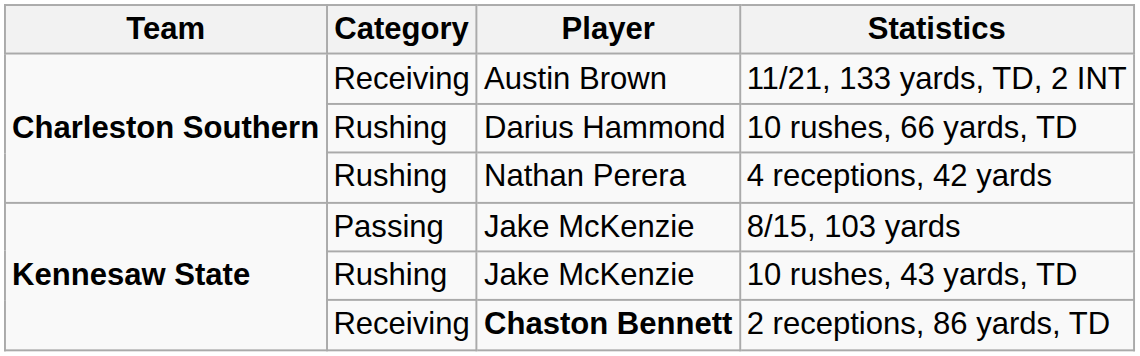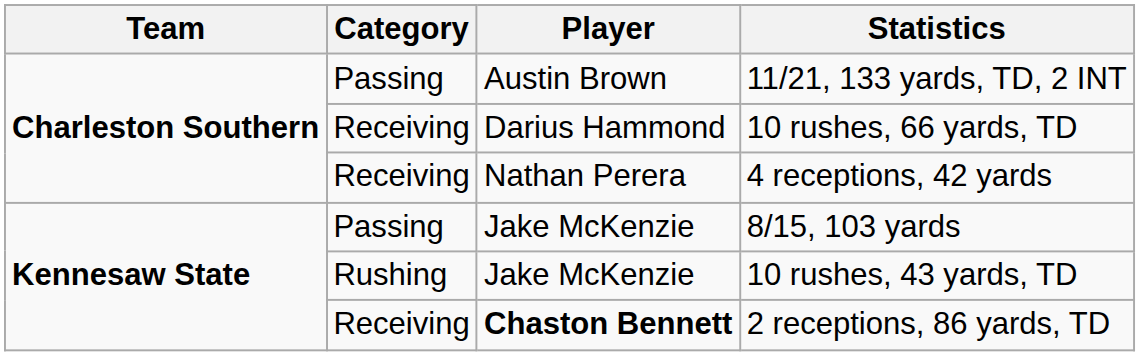 <table class="wikitable" style="float: left;">
 <tr>
 <th>Team</th>
 <th>Category</th>
 <th>Player</th>
 <th>Statistics</th>
 </tr>
 <tr>
 <td rowspan=3><strong>Charleston Southern</strong></td>
-<td>Receiving</td>
+<td>Passing</td>
 <td>Austin Brown</td>
 <td>11/21, 133 yards, TD, 2 INT</td>
 </tr>
 <tr>
-<td>Rushing</td>
+<td>Receiving</td>
 <td>Darius Hammond</td>
 <td>10 rushes, 66 yards, TD</td>
 </tr>
 <tr>
-<td>Rushing</td>
+<td>Receiving</td>
 <td>Nathan Perera</td>
 <td>4 receptions, 42 yards</td>
 </tr>
 <tr>
 <td rowspan=3><strong>Kennesaw State</strong></td>
 <td>Passing</td>
 <td>Jake McKenzie</td>
 <td>8/15, 103 yards</td>
 </tr>
 <tr>
 <td>Rushing</td>
 <td>Jake McKenzie</td>
 <td>10 rushes, 43 yards, TD</td>
 </tr>
 <tr>
 <td>Receiving</td>
 <td><strong>Chaston Bennett</strong></td>
 <td>2 receptions, 86 yards, TD</td>
 </tr>
 </table>
